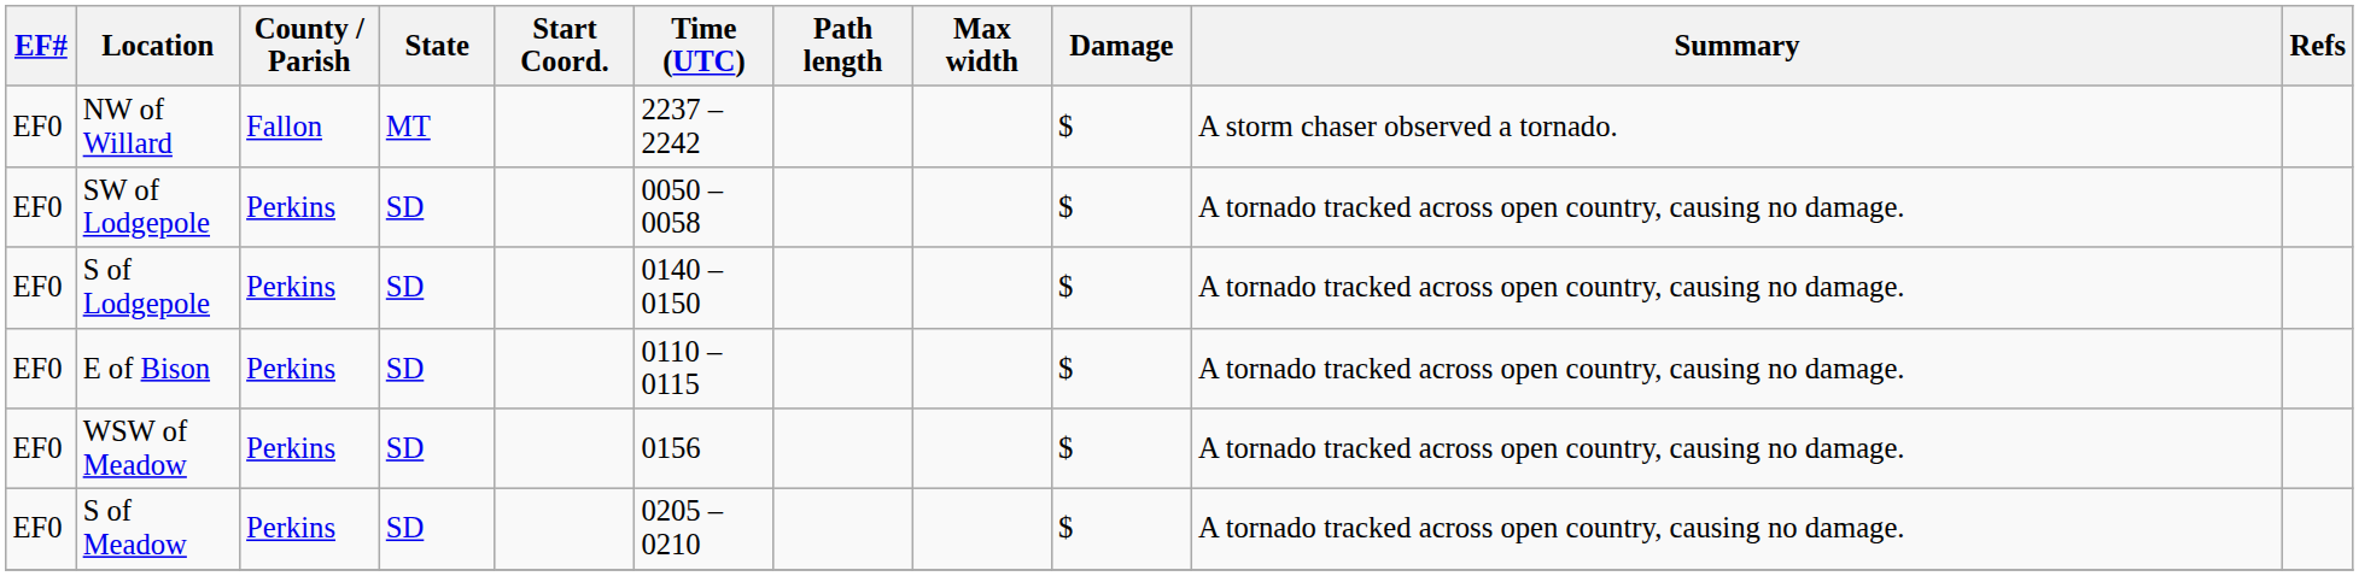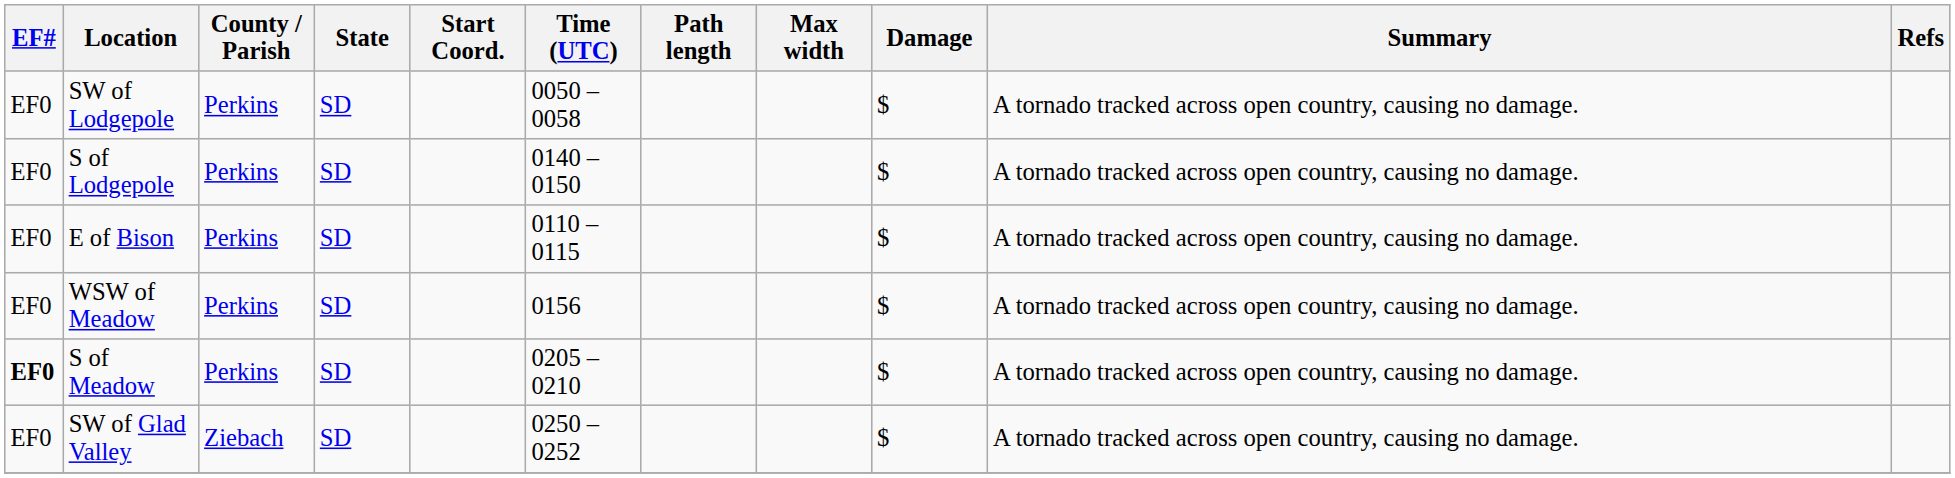 <table class="wikitable sortable" style="width:100%;">
 <tr>
 <th scope="col" width="3%" align="center"><a href='#'>EF#</a></th>
 <th scope="col" width="7%" align="center" class="unsortable">Location</th>
 <th scope="col" width="6%" align="center" class="unsortable">County / Parish</th>
 <th scope="col" width="5%" align="center">State</th>
 <th scope="col" width="6%" align="center">Start Coord.</th>
 <th scope="col" width="6%" align="center">Time (<a href='#'>UTC</a>)</th>
 <th scope="col" width="6%" align="center">Path length</th>
 <th scope="col" width="6%" align="center">Max width</th>
 <th scope="col" width="6%" align="center">Damage</th>
 <th scope="col" width="48%" class="unsortable" align="center">Summary</th>
 <th scope="col" width="48%" class="unsortable" align="center">Refs</th>
-</tr>
-<tr>
-<td>EF0</td>
-<td>NW of <a href='#'>Willard</a></td>
-<td><a href='#'>Fallon</a></td>
-<td><a href='#'>MT</a></td>
-<td></td>
-<td>2237 – 2242</td>
-<td></td>
-<td></td>
-<td>$</td>
-<td>A storm chaser observed a tornado.</td>
-<td></td>
 </tr>
 <tr>
 <td>EF0</td>
 <td>SW of <a href='#'>Lodgepole</a></td>
 <td><a href='#'>Perkins</a></td>
 <td><a href='#'>SD</a></td>
 <td></td>
 <td>0050 – 0058</td>
 <td></td>
 <td></td>
 <td>$</td>
 <td>A tornado tracked across open country, causing no damage.</td>
 <td></td>
 </tr>
 <tr>
 <td>EF0</td>
 <td>S of <a href='#'>Lodgepole</a></td>
 <td><a href='#'>Perkins</a></td>
 <td><a href='#'>SD</a></td>
 <td></td>
 <td>0140 – 0150</td>
 <td></td>
 <td></td>
 <td>$</td>
 <td>A tornado tracked across open country, causing no damage.</td>
 <td></td>
 </tr>
 <tr>
 <td>EF0</td>
 <td>E of <a href='#'>Bison</a></td>
 <td><a href='#'>Perkins</a></td>
 <td><a href='#'>SD</a></td>
 <td></td>
 <td>0110 – 0115</td>
 <td></td>
 <td></td>
 <td>$</td>
 <td>A tornado tracked across open country, causing no damage.</td>
 <td></td>
 </tr>
 <tr>
 <td>EF0</td>
 <td>WSW of <a href='#'>Meadow</a></td>
 <td><a href='#'>Perkins</a></td>
 <td><a href='#'>SD</a></td>
 <td></td>
 <td>0156</td>
 <td></td>
 <td></td>
 <td>$</td>
 <td>A tornado tracked across open country, causing no damage.</td>
 <td></td>
 </tr>
 <tr>
-<td>EF0</td>
+<td><strong>EF0</strong></td>
 <td>S of <a href='#'>Meadow</a></td>
 <td><a href='#'>Perkins</a></td>
 <td><a href='#'>SD</a></td>
 <td></td>
 <td>0205 – 0210</td>
 <td></td>
 <td></td>
 <td>$</td>
 <td>A tornado tracked across open country, causing no damage.</td>
 <td></td>
 </tr>
 <tr>
+<td>EF0</td>
+<td>SW of <a href='#'>Glad Valley</a></td>
+<td><a href='#'>Ziebach</a></td>
+<td><a href='#'>SD</a></td>
+<td></td>
+<td>0250 – 0252</td>
+<td></td>
+<td></td>
+<td>$</td>
+<td>A tornado tracked across open country, causing no damage.</td>
+<td></td>
+</tr>
+<tr>
 </tr>
 </table>
